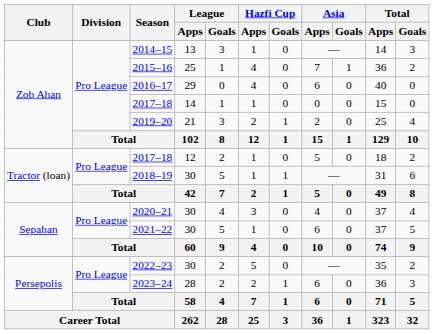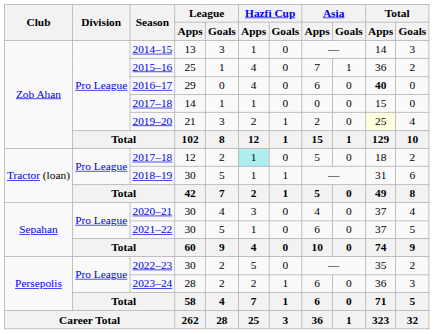 <table class="wikitable" style="text-align: center;">
 <tr>
 <th rowspan="2">Club</th>
 <th rowspan="2">Division</th>
 <th rowspan="2">Season</th>
 <th colspan="2">League</th>
 <th colspan="2"><a href='#'>Hazfi Cup</a></th>
 <th colspan="2"><a href='#'>Asia</a></th>
 <th colspan="2">Total</th>
 </tr>
 <tr>
 <th>Apps</th>
 <th>Goals</th>
 <th>Apps</th>
 <th>Goals</th>
 <th>Apps</th>
 <th>Goals</th>
 <th>Apps</th>
 <th>Goals</th>
 </tr>
 <tr>
 <td rowspan="6"><a href='#'>Zob Ahan</a></td>
 <td rowspan="5"><a href='#'>Pro League</a></td>
 <td><a href='#'>2014–15</a></td>
 <td>13</td>
 <td>3</td>
 <td>1</td>
 <td>0</td>
 <td colspan="2">—</td>
 <td>14</td>
 <td>3</td>
 </tr>
 <tr>
 <td><a href='#'>2015–16</a></td>
 <td>25</td>
 <td>1</td>
 <td>4</td>
 <td>0</td>
 <td>7</td>
 <td>1</td>
 <td>36</td>
 <td>2</td>
 </tr>
 <tr>
 <td><a href='#'>2016–17</a></td>
 <td>29</td>
 <td>0</td>
 <td>4</td>
 <td>0</td>
 <td>6</td>
 <td>0</td>
-<td>40</td>
+<td><strong>40</strong></td>
 <td>0</td>
 </tr>
 <tr>
 <td rowspan="1"><a href='#'>2017–18</a></td>
 <td>14</td>
 <td>1</td>
 <td>1</td>
 <td>0</td>
 <td>0</td>
 <td>0</td>
 <td>15</td>
 <td>0</td>
 </tr>
 <tr>
 <td><a href='#'>2019–20</a></td>
 <td>21</td>
 <td>3</td>
 <td>2</td>
 <td>1</td>
 <td>2</td>
 <td>0</td>
-<td>25</td>
+<td style="background: lightyellow;">25</td>
 <td>4</td>
 </tr>
 <tr>
 <th colspan=2>Total</th>
 <th>102</th>
 <th>8</th>
 <th>12</th>
 <th>1</th>
 <th>15</th>
 <th>1</th>
 <th>129</th>
 <th>10</th>
 </tr>
 <tr>
 <td rowspan="3"><a href='#'>Tractor</a> (loan)</td>
 <td rowspan="2"><a href='#'>Pro League</a></td>
 <td><a href='#'>2017–18</a></td>
 <td>12</td>
 <td>2</td>
-<td>1</td>
+<td style="background: paleturquoise;">1</td>
 <td>0</td>
 <td>5</td>
 <td>0</td>
 <td>18</td>
 <td>2</td>
 </tr>
 <tr>
 <td><a href='#'>2018–19</a></td>
 <td>30</td>
 <td>5</td>
 <td>1</td>
 <td>1</td>
 <td colspan="2">—</td>
 <td>31</td>
 <td>6</td>
 </tr>
 <tr>
 <th colspan=2>Total</th>
 <th>42</th>
 <th>7</th>
 <th>2</th>
 <th>1</th>
 <th>5</th>
 <th>0</th>
 <th>49</th>
 <th>8</th>
 </tr>
 <tr>
 <td rowspan="3"><a href='#'>Sepahan</a></td>
 <td rowspan="2"><a href='#'>Pro League</a></td>
 <td><a href='#'>2020–21</a></td>
 <td>30</td>
 <td>4</td>
 <td>3</td>
 <td>0</td>
 <td>4</td>
 <td>0</td>
 <td>37</td>
 <td>4</td>
 </tr>
 <tr>
 <td><a href='#'>2021–22</a></td>
 <td>30</td>
 <td>5</td>
 <td>1</td>
 <td>0</td>
 <td>6</td>
 <td>0</td>
 <td>37</td>
 <td>5</td>
 </tr>
 <tr>
 <th colspan=2>Total</th>
 <th>60</th>
 <th>9</th>
 <th>4</th>
 <th>0</th>
 <th>10</th>
 <th>0</th>
 <th>74</th>
 <th>9</th>
 </tr>
 <tr>
 <td rowspan="3"><a href='#'>Persepolis</a></td>
 <td rowspan="2"><a href='#'>Pro League</a></td>
 <td><a href='#'>2022–23</a></td>
 <td>30</td>
 <td>2</td>
 <td>5</td>
 <td>0</td>
 <td colspan="2">—</td>
 <td>35</td>
 <td>2</td>
 </tr>
 <tr>
 <td><a href='#'>2023–24</a></td>
 <td>28</td>
 <td>2</td>
 <td>2</td>
 <td>1</td>
 <td>6</td>
 <td>0</td>
 <td>36</td>
 <td>3</td>
 </tr>
 <tr>
 <th colspan="2">Total</th>
 <th>58</th>
 <th>4</th>
 <th>7</th>
 <th>1</th>
 <th>6</th>
 <th>0</th>
 <th>71</th>
 <th>5</th>
 </tr>
 <tr>
 <th colspan="3">Career Total</th>
 <th>262</th>
 <th>28</th>
 <th>25</th>
 <th>3</th>
 <th>36</th>
 <th>1</th>
 <th>323</th>
 <th>32</th>
 </tr>
 </table>
